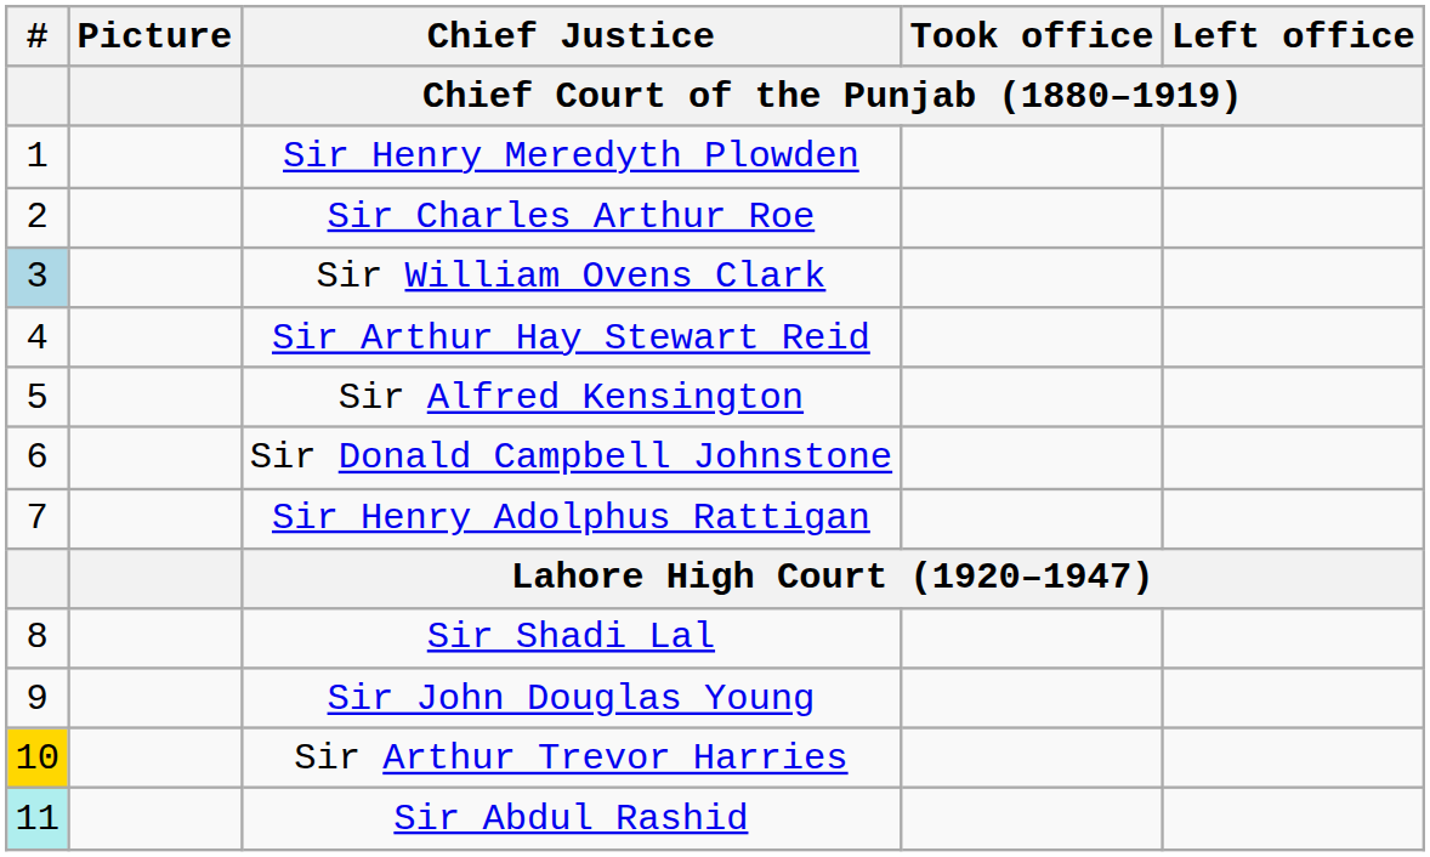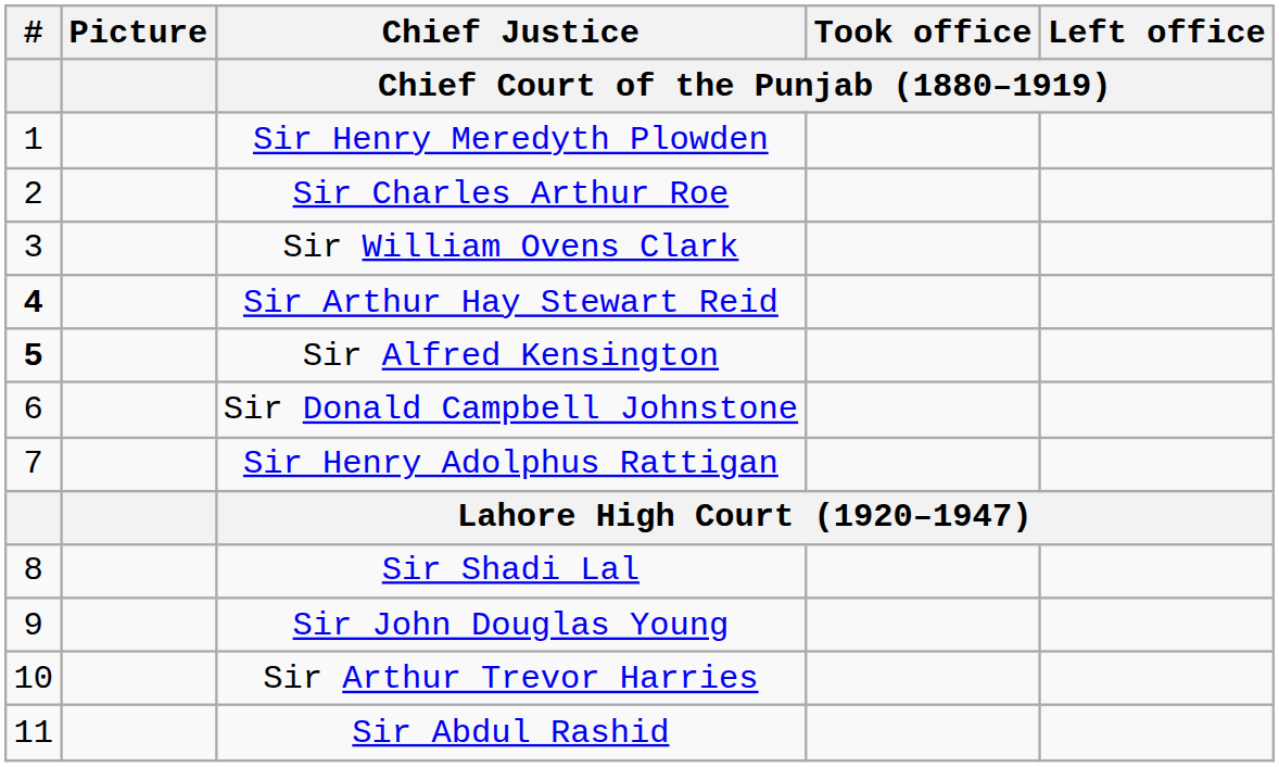 <table class="wikitable" style="text-align:center;">
 <tr>
 <th>#</th>
 <th>Picture</th>
 <th>Chief Justice</th>
 <th>Took office</th>
 <th>Left office</th>
 </tr>
 <tr>
 <th></th>
 <th></th>
 <th colspan="5"><strong>Chief Court of the Punjab (1880–1919)</strong></th>
 </tr>
 <tr>
 <td>1</td>
 <td></td>
 <td><a href='#'>Sir Henry Meredyth Plowden</a></td>
 <td></td>
 <td></td>
 </tr>
 <tr>
 <td>2</td>
 <td></td>
 <td><a href='#'>Sir Charles Arthur Roe</a></td>
 <td></td>
 <td></td>
 </tr>
 <tr>
-<td style="background: lightblue;">3</td>
+<td>3</td>
 <td></td>
 <td>Sir <a href='#'>William Ovens Clark</a></td>
 <td></td>
 <td></td>
 </tr>
 <tr>
-<td>4</td>
+<td><strong>4</strong></td>
 <td></td>
 <td><a href='#'>Sir Arthur Hay Stewart Reid</a></td>
 <td></td>
 <td></td>
 </tr>
 <tr>
-<td>5</td>
+<td><strong>5</strong></td>
 <td></td>
 <td>Sir <a href='#'>Alfred Kensington</a></td>
 <td></td>
 <td></td>
 </tr>
 <tr>
 <td>6</td>
 <td></td>
 <td>Sir <a href='#'>Donald Campbell Johnstone</a></td>
 <td></td>
 <td></td>
 </tr>
 <tr>
 <td>7</td>
 <td></td>
 <td><a href='#'>Sir Henry Adolphus Rattigan</a></td>
 <td></td>
 <td></td>
 </tr>
 <tr align=center>
 <th></th>
 <th></th>
 <th colspan="5"><strong>Lahore High Court (1920–1947)</strong></th>
 </tr>
 <tr>
 <td>8</td>
 <td></td>
 <td><a href='#'>Sir Shadi Lal</a></td>
 <td></td>
 <td></td>
 </tr>
 <tr>
 <td>9</td>
 <td></td>
 <td><a href='#'>Sir John Douglas Young</a></td>
 <td></td>
 <td></td>
 </tr>
 <tr>
-<td style="background: gold;">10</td>
+<td>10</td>
 <td></td>
 <td>Sir <a href='#'>Arthur Trevor Harries</a></td>
 <td></td>
 <td></td>
 </tr>
 <tr>
-<td style="background: paleturquoise;">11</td>
+<td>11</td>
 <td></td>
 <td><a href='#'>Sir Abdul Rashid</a></td>
 <td></td>
 <td></td>
 </tr>
 </table>
